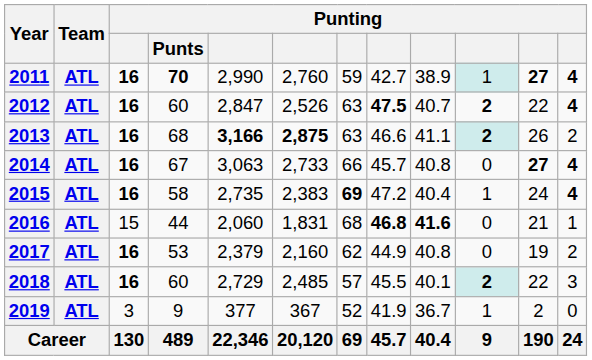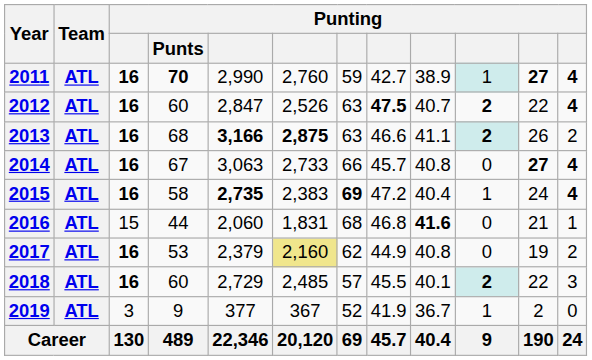 <table class=wikitable style="text-align:center;">
 <tr>
 <th rowspan="2">Year</th>
 <th rowspan="2">Team</th>
 <th colspan="10">Punting</th>
 </tr>
 <tr>
 <th></th>
 <th>Punts</th>
 <th></th>
 <th></th>
 <th></th>
 <th></th>
 <th></th>
 <th></th>
 <th></th>
 <th></th>
 </tr>
 <tr>
 <th><a href='#'>2011</a></th>
 <th><a href='#'>ATL</a></th>
 <td><strong>16</strong></td>
 <td><strong>70</strong></td>
 <td>2,990</td>
 <td>2,760</td>
 <td>59</td>
 <td>42.7</td>
 <td>38.9</td>
 <td style="background:#cfecec; width:3em;">1</td>
 <td><strong>27</strong></td>
 <td><strong>4</strong></td>
 </tr>
 <tr>
 <th><a href='#'>2012</a></th>
 <th><a href='#'>ATL</a></th>
 <td><strong>16</strong></td>
 <td>60</td>
 <td>2,847</td>
 <td>2,526</td>
 <td>63</td>
 <td><strong>47.5</strong></td>
 <td>40.7</td>
 <td><strong>2</strong></td>
 <td>22</td>
 <td><strong>4</strong></td>
 </tr>
 <tr>
 <th><a href='#'>2013</a></th>
 <th><a href='#'>ATL</a></th>
 <td><strong>16</strong></td>
 <td>68</td>
 <td><strong>3,166</strong></td>
 <td><strong>2,875</strong></td>
 <td>63</td>
 <td>46.6</td>
 <td>41.1</td>
 <td style="background:#cfecec; width:3em;"><strong>2</strong></td>
 <td>26</td>
 <td>2</td>
 </tr>
 <tr>
 <th><a href='#'>2014</a></th>
 <th><a href='#'>ATL</a></th>
 <td><strong>16</strong></td>
 <td>67</td>
 <td>3,063</td>
 <td>2,733</td>
 <td>66</td>
 <td>45.7</td>
 <td>40.8</td>
 <td>0</td>
 <td><strong>27</strong></td>
 <td><strong>4</strong></td>
 </tr>
 <tr>
 <th><a href='#'>2015</a></th>
 <th><a href='#'>ATL</a></th>
 <td><strong>16</strong></td>
 <td>58</td>
-<td>2,735</td>
+<td><strong>2,735</strong></td>
 <td>2,383</td>
 <td><strong>69</strong></td>
 <td>47.2</td>
 <td>40.4</td>
 <td>1</td>
 <td>24</td>
 <td><strong>4</strong></td>
 </tr>
 <tr>
 <th><a href='#'>2016</a></th>
 <th><a href='#'>ATL</a></th>
 <td>15</td>
 <td>44</td>
 <td>2,060</td>
 <td>1,831</td>
 <td>68</td>
-<td><strong>46.8</strong></td>
+<td>46.8</td>
 <td><strong>41.6</strong></td>
 <td>0</td>
 <td>21</td>
 <td>1</td>
 </tr>
 <tr>
 <th><a href='#'>2017</a></th>
 <th><a href='#'>ATL</a></th>
 <td><strong>16</strong></td>
 <td>53</td>
 <td>2,379</td>
-<td>2,160</td>
+<td style="background: khaki;">2,160</td>
 <td>62</td>
 <td>44.9</td>
 <td>40.8</td>
 <td>0</td>
 <td>19</td>
 <td>2</td>
 </tr>
 <tr>
 <th><a href='#'>2018</a></th>
 <th><a href='#'>ATL</a></th>
 <td><strong>16</strong></td>
 <td>60</td>
 <td>2,729</td>
 <td>2,485</td>
 <td>57</td>
 <td>45.5</td>
 <td>40.1</td>
 <td style="background:#cfecec; width:3em;"><strong>2</strong></td>
 <td>22</td>
 <td>3</td>
 </tr>
 <tr>
 <th><a href='#'>2019</a></th>
 <th><a href='#'>ATL</a></th>
 <td>3</td>
 <td>9</td>
 <td>377</td>
 <td>367</td>
 <td>52</td>
 <td>41.9</td>
 <td>36.7</td>
 <td>1</td>
 <td>2</td>
 <td>0</td>
 </tr>
 <tr>
 <th colspan="2">Career</th>
 <th>130</th>
 <th>489</th>
 <th>22,346</th>
 <th>20,120</th>
 <th>69</th>
 <th>45.7</th>
 <th>40.4</th>
 <th>9</th>
 <th>190</th>
 <th>24</th>
 </tr>
 </table>
